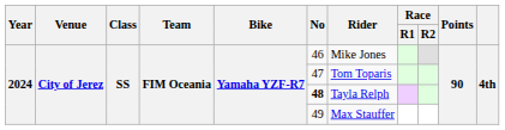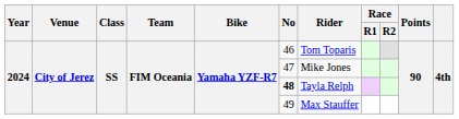 <table class="wikitable" style="text-align:center; font-size:85%">
 <tr>
 <th valign="middle" rowspan=2>Year</th>
 <th valign="middle" rowspan=2>Venue</th>
 <th valign="middle" rowspan=2>Class</th>
 <th valign="middle" rowspan=2>Team</th>
 <th valign="middle" rowspan=2>Bike</th>
 <th valign="middle" rowspan=2>No</th>
 <th valign="middle" rowspan=2>Rider</th>
 <th colspan=2>Race</th>
 <th valign="middle" rowspan=2>Points</th>
 <th valign="middle" rowspan=2></th>
 </tr>
 <tr>
 <th>R1</th>
 <th>R2</th>
 </tr>
 <tr>
 <th rowspan=4>2024</th>
 <th rowspan=4><a href='#'>City of Jerez</a></th>
 <th rowspan=4>SS</th>
 <th rowspan=4>FIM Oceania</th>
 <th rowspan=4><a href='#'>Yamaha YZF-R7</a></th>
 <td>46</td>
-<td align=left> Mike Jones</td>
+<td align=left> <a href='#'>Tom Toparis</a></td>
 <td style="background:#dfffdf;"></td>
 <td style="background:#dfdfdf;"></td>
 <th rowspan=4 style="background:#;"><strong>90</strong></th>
 <th rowspan=4 style="background:#;"><strong>4th</strong></th>
 </tr>
 <tr>
 <td>47</td>
-<td align=left> <a href='#'>Tom Toparis</a></td>
+<td align=left> Mike Jones</td>
 <td style="background:#DFFFDF;"></td>
 <td style="background:#dfffdf;"></td>
 </tr>
 <tr>
 <td><strong>48</strong></td>
 <td align=left> <a href='#'>Tayla Relph</a></td>
 <td style="background:#efcfff;"></td>
 <td style="background:#dfffdf;"></td>
 </tr>
 <tr>
 <td>49</td>
 <td align=left> <a href='#'>Max Stauffer</a></td>
 <td style="background:#ffffff;"></td>
 <td style="background:#ffffff;"></td>
 </tr>
 </table>
